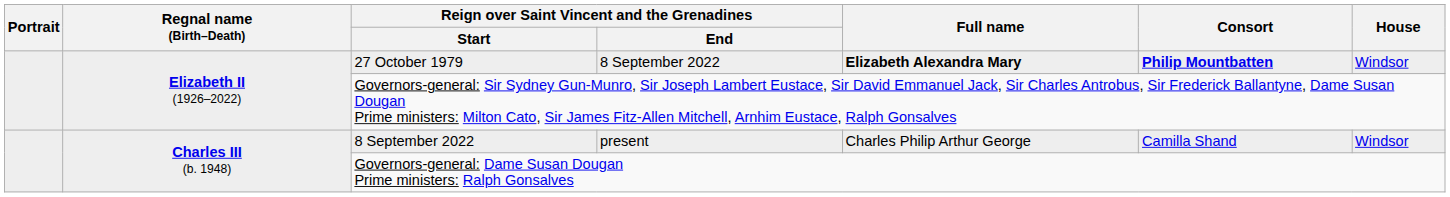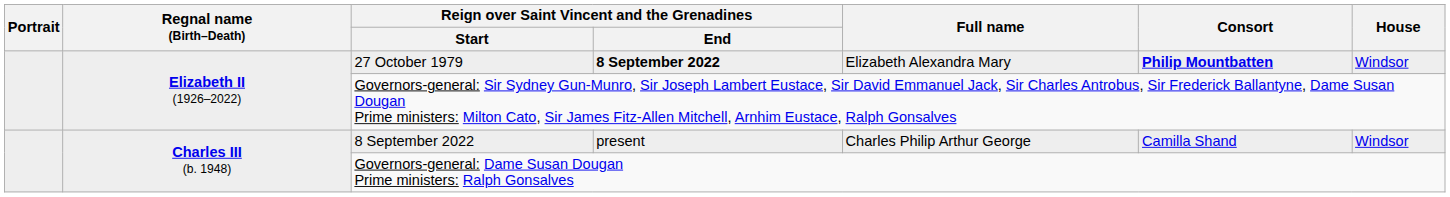 <table class="wikitable" style="width:100%;">
 <tr>
 <th rowspan="2">Portrait</th>
 <th rowspan="2" style="width:20%;">Regnal name<br><small>(Birth–Death)</small></th>
 <th colspan=2>Reign over Saint Vincent and the Grenadines</th>
 <th rowspan="2">Full name</th>
 <th rowspan="2">Consort</th>
 <th rowspan="2">House</th>
 </tr>
 <tr>
 <th>Start</th>
 <th>End</th>
 </tr>
 <tr style="background:#eee;">
 <td rowspan="2" style="text-align:center;"></td>
 <td rowspan="2" style="text-align:center;"><strong><a href='#'>Elizabeth II</a></strong><br><small>(1926–2022)</small></td>
 <td>27 October 1979</td>
-<td>8 September 2022</td>
-<td><strong>Elizabeth Alexandra Mary</strong></td>
+<td><strong>8 September 2022</strong></td>
+<td>Elizabeth Alexandra Mary</td>
 <td><strong><a href='#'>Philip Mountbatten</a></strong></td>
 <td><a href='#'>Windsor</a></td>
 </tr>
 <tr>
 <td colspan="5"><u>Governors-general:</u> <a href='#'>Sir Sydney Gun-Munro</a>, <a href='#'>Sir Joseph Lambert Eustace</a>, <a href='#'>Sir David Emmanuel Jack</a>, <a href='#'>Sir Charles Antrobus</a>, <a href='#'>Sir Frederick Ballantyne</a>, <a href='#'>Dame Susan Dougan</a><br><u>Prime ministers:</u> <a href='#'>Milton Cato</a>, <a href='#'>Sir James Fitz-Allen Mitchell</a>, <a href='#'>Arnhim Eustace</a>, <a href='#'>Ralph Gonsalves</a></td>
 </tr>
 <tr style="background:#eee;">
 <td rowspan="2" style="text-align:center;"></td>
 <td rowspan="2" style="text-align:center;"><strong><a href='#'>Charles III</a></strong><br><small>(b. 1948)</small></td>
 <td>8 September 2022</td>
 <td>present</td>
 <td>Charles Philip Arthur George</td>
 <td><a href='#'>Camilla Shand</a></td>
 <td><a href='#'>Windsor</a></td>
 </tr>
 <tr>
 <td colspan="5"><u>Governors-general:</u> <a href='#'>Dame Susan Dougan</a><br><u>Prime ministers:</u> <a href='#'>Ralph Gonsalves</a></td>
 </tr>
 </table>
